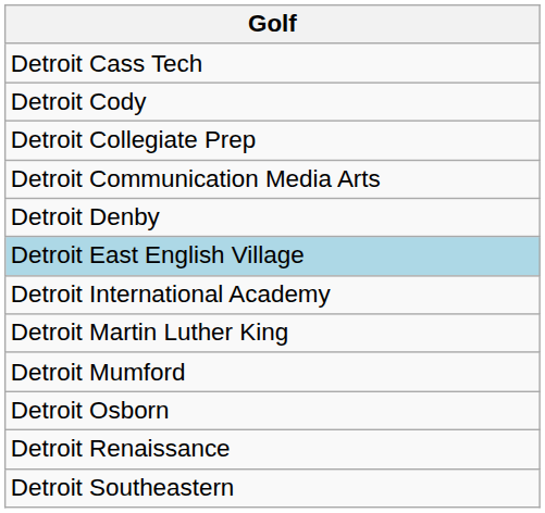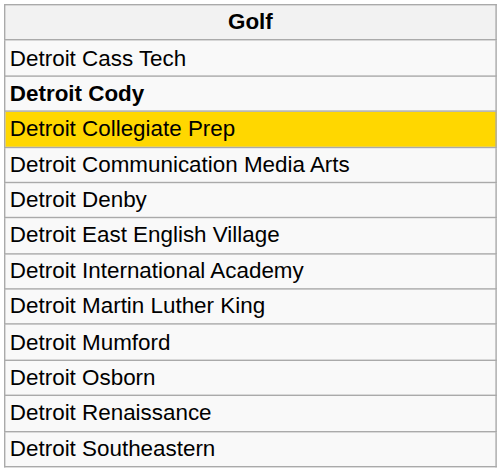 <table class="wikitable collapsible collapsed" style="width:22em">
 <tr>
 <th align=center>Golf</th>
 </tr>
 <tr>
 <td>Detroit Cass Tech</td>
 </tr>
 <tr>
-<td>Detroit Cody</td>
+<td><strong>Detroit Cody</strong></td>
 </tr>
 <tr>
-<td>Detroit Collegiate Prep</td>
+<td style="background: gold;">Detroit Collegiate Prep</td>
 </tr>
 <tr>
 <td>Detroit Communication Media Arts</td>
 </tr>
 <tr>
 <td>Detroit Denby</td>
 </tr>
 <tr>
-<td style="background: lightblue;">Detroit East English Village</td>
+<td>Detroit East English Village</td>
 </tr>
 <tr>
 <td>Detroit International Academy</td>
 </tr>
 <tr>
 <td>Detroit Martin Luther King</td>
 </tr>
 <tr>
 <td>Detroit Mumford</td>
 </tr>
 <tr>
 <td>Detroit Osborn</td>
 </tr>
 <tr>
 <td>Detroit Renaissance</td>
 </tr>
 <tr>
 <td>Detroit Southeastern</td>
 </tr>
 </table>
